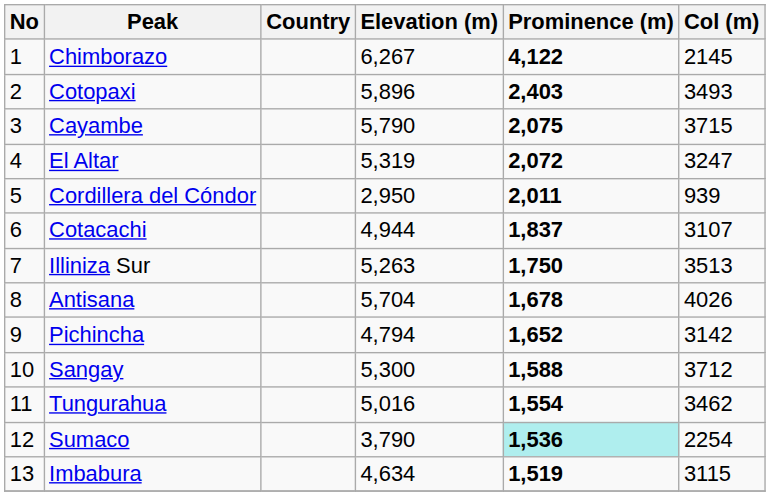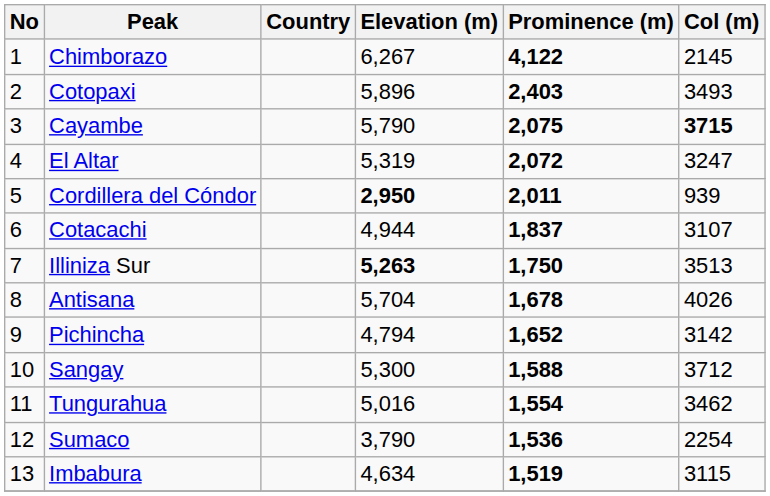 <table class="wikitable sortable">
 <tr>
 <th>No</th>
 <th>Peak</th>
 <th>Country</th>
 <th>Elevation (m)</th>
 <th>Prominence (m)</th>
 <th>Col (m)</th>
 </tr>
 <tr>
 <td>1</td>
 <td><a href='#'>Chimborazo</a></td>
 <td></td>
 <td>6,267</td>
 <td><strong>4,122</strong></td>
 <td>2145</td>
 </tr>
 <tr>
 <td>2</td>
 <td><a href='#'>Cotopaxi</a></td>
 <td></td>
 <td>5,896</td>
 <td><strong>2,403</strong></td>
 <td>3493</td>
 </tr>
 <tr>
 <td>3</td>
 <td><a href='#'>Cayambe</a></td>
 <td></td>
 <td>5,790</td>
 <td><strong>2,075</strong></td>
-<td>3715</td>
+<td><strong>3715</strong></td>
 </tr>
 <tr>
 <td>4</td>
 <td><a href='#'>El Altar</a></td>
 <td></td>
 <td>5,319</td>
 <td><strong>2,072</strong></td>
 <td>3247</td>
 </tr>
 <tr>
 <td>5</td>
 <td><a href='#'>Cordillera del Cóndor</a></td>
 <td></td>
-<td>2,950</td>
+<td><strong>2,950</strong></td>
 <td><strong>2,011</strong></td>
 <td>939</td>
 </tr>
 <tr>
 <td>6</td>
 <td><a href='#'>Cotacachi</a></td>
 <td></td>
 <td>4,944</td>
 <td><strong>1,837</strong></td>
 <td>3107</td>
 </tr>
 <tr>
 <td>7</td>
 <td><a href='#'>Illiniza</a> Sur</td>
 <td></td>
-<td>5,263</td>
+<td><strong>5,263</strong></td>
 <td><strong>1,750</strong></td>
 <td>3513</td>
 </tr>
 <tr>
 <td>8</td>
 <td><a href='#'>Antisana</a></td>
 <td></td>
 <td>5,704</td>
 <td><strong>1,678</strong></td>
 <td>4026</td>
 </tr>
 <tr>
 <td>9</td>
 <td><a href='#'>Pichincha</a></td>
 <td></td>
 <td>4,794</td>
 <td><strong>1,652</strong></td>
 <td>3142</td>
 </tr>
 <tr>
 <td>10</td>
 <td><a href='#'>Sangay</a></td>
 <td></td>
 <td>5,300</td>
 <td><strong>1,588</strong></td>
 <td>3712</td>
 </tr>
 <tr>
 <td>11</td>
 <td><a href='#'>Tungurahua</a></td>
 <td></td>
 <td>5,016</td>
 <td><strong>1,554</strong></td>
 <td>3462</td>
 </tr>
 <tr>
 <td>12</td>
 <td><a href='#'>Sumaco</a></td>
 <td></td>
 <td>3,790</td>
-<td style="background: paleturquoise;"><strong>1,536</strong></td>
+<td><strong>1,536</strong></td>
 <td>2254</td>
 </tr>
 <tr>
 <td>13</td>
 <td><a href='#'>Imbabura</a></td>
 <td></td>
 <td>4,634</td>
 <td><strong>1,519</strong></td>
 <td>3115</td>
 </tr>
 <tr>
 </tr>
 </table>
